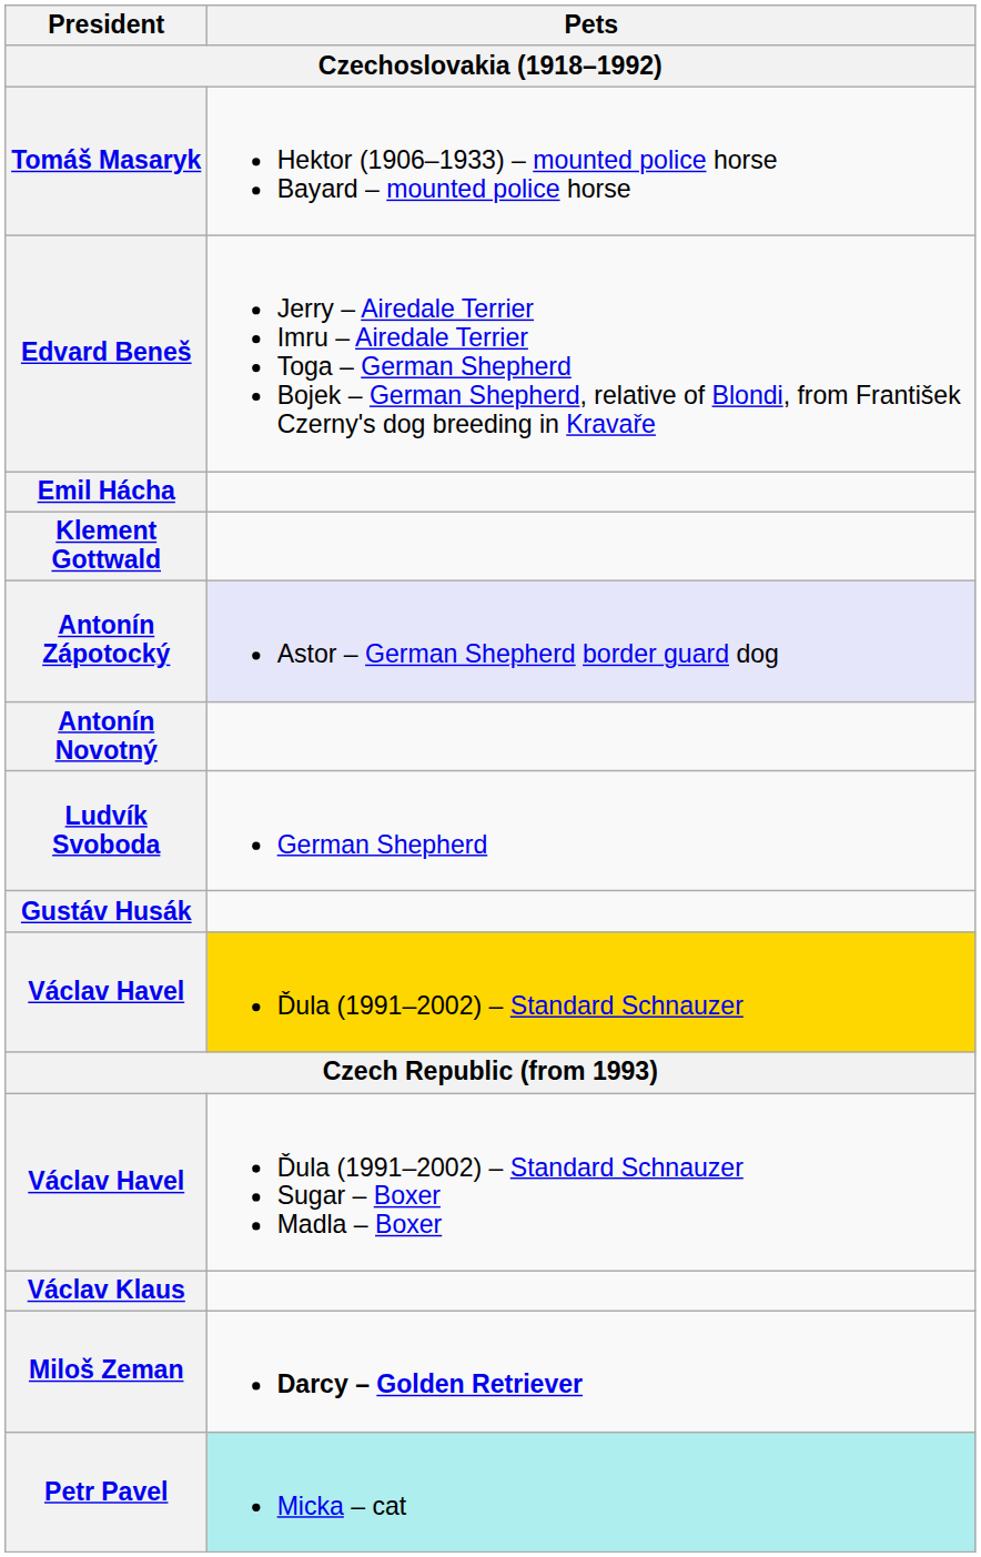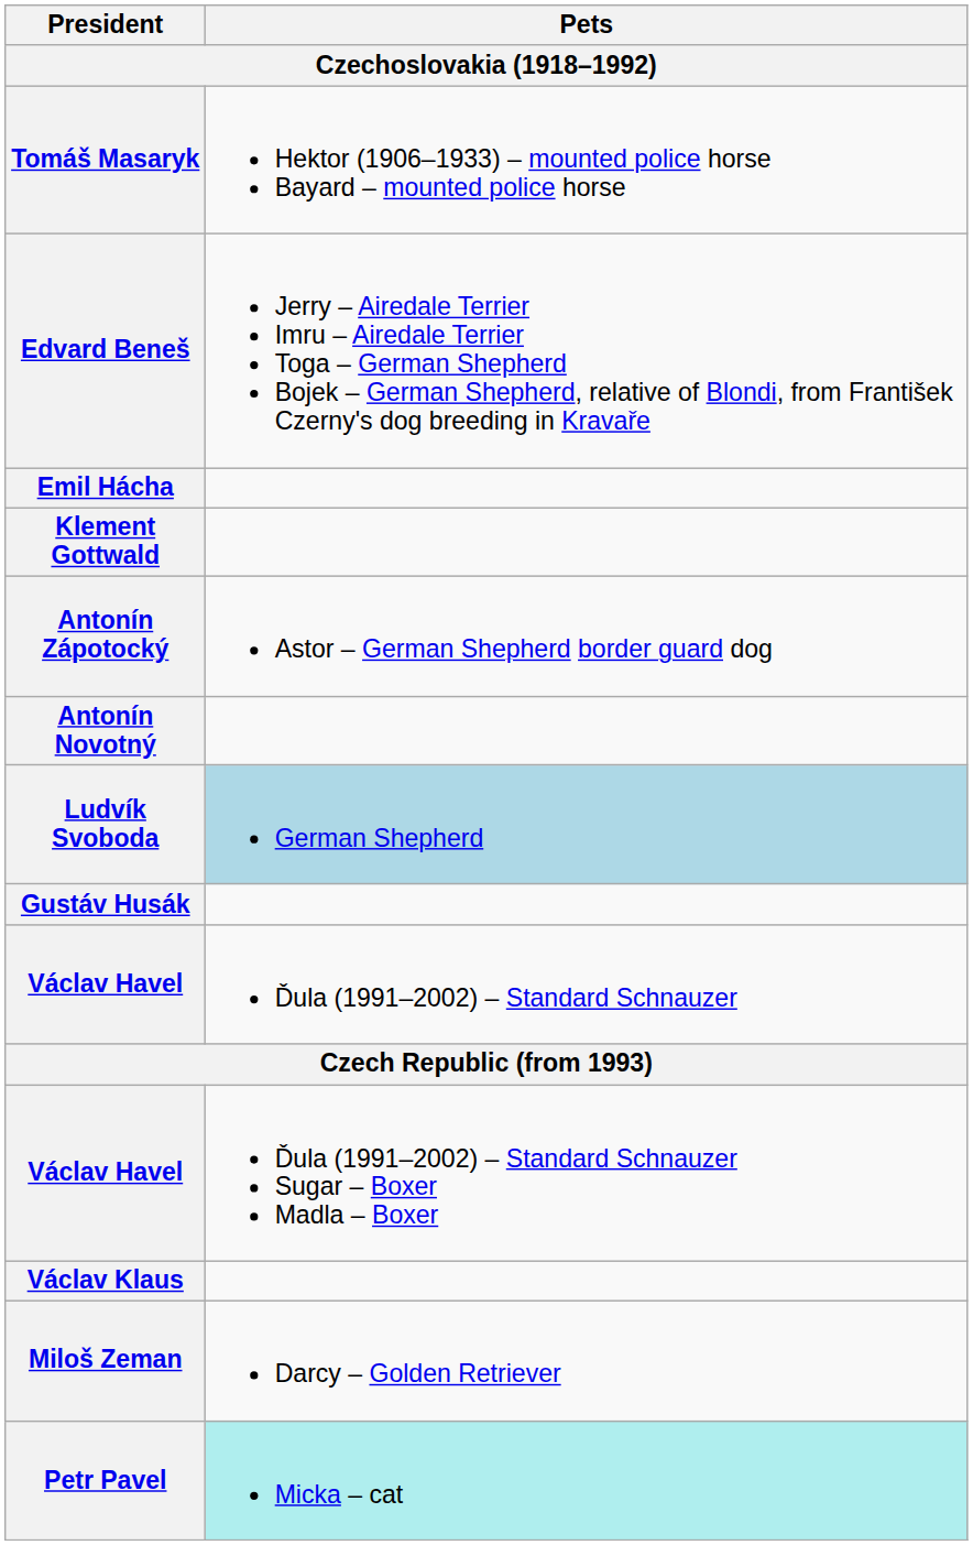 <table class="wikitable plainrowheaders">
 <tr>
 <th scope="col">President</th>
 <th scope="col">Pets</th>
 </tr>
 <tr>
 <th colspan="2">Czechoslovakia (1918–1992)</th>
 </tr>
 <tr>
 <th scope="row" ! scope="row"><a href='#'>Tomáš Masaryk</a></th>
 <td><br><ul><li>Hektor (1906–1933) – <a href='#'>mounted police</a> horse</li><li>Bayard – <a href='#'>mounted police</a> horse</li></ul></td>
 </tr>
 <tr>
 <th scope="row" ! scope="row"><a href='#'>Edvard Beneš</a></th>
 <td><br><ul><li>Jerry – <a href='#'>Airedale Terrier</a></li><li>Imru – <a href='#'>Airedale Terrier</a></li><li>Toga – <a href='#'>German Shepherd</a></li><li>Bojek – <a href='#'>German Shepherd</a>, relative of <a href='#'>Blondi</a>, from František Czerny's dog breeding in <a href='#'>Kravaře</a></li></ul></td>
 </tr>
 <tr>
 <th scope="row" ! scope="row"><a href='#'>Emil Hácha</a></th>
 <td></td>
 </tr>
 <tr>
 <th scope="row" ! scope="row"><a href='#'>Klement Gottwald</a></th>
 <td></td>
 </tr>
 <tr>
 <th scope="row" ! scope="row"><a href='#'>Antonín Zápotocký</a></th>
-<td style="background: lavender;"><br><ul><li>Astor – <a href='#'>German Shepherd</a> <a href='#'>border guard</a> dog</li></ul></td>
+<td><br><ul><li>Astor – <a href='#'>German Shepherd</a> <a href='#'>border guard</a> dog</li></ul></td>
 </tr>
 <tr>
 <th scope="row" ! scope="row"><a href='#'>Antonín Novotný</a></th>
 <td></td>
 </tr>
 <tr>
 <th scope="row" ! scope="row"><a href='#'>Ludvík Svoboda</a></th>
-<td><br><ul><li><a href='#'>German Shepherd</a></li></ul></td>
+<td style="background: lightblue;"><br><ul><li><a href='#'>German Shepherd</a></li></ul></td>
 </tr>
 <tr>
 <th scope="row" ! scope="row"><a href='#'>Gustáv Husák</a></th>
 <td></td>
 </tr>
 <tr>
 <th scope="row" ! scope="row"><a href='#'>Václav Havel</a></th>
-<td style="background: gold;"><br><ul><li>Ďula (1991–2002) – <a href='#'>Standard Schnauzer</a></li></ul></td>
+<td><br><ul><li>Ďula (1991–2002) – <a href='#'>Standard Schnauzer</a></li></ul></td>
 </tr>
 <tr>
 <th colspan="2">Czech Republic (from 1993)</th>
 </tr>
 <tr>
 <th scope="row" ! scope="row"><a href='#'>Václav Havel</a></th>
 <td><br><ul><li>Ďula (1991–2002) – <a href='#'>Standard Schnauzer</a></li><li>Sugar – <a href='#'>Boxer</a></li><li>Madla – <a href='#'>Boxer</a></li></ul></td>
 </tr>
 <tr>
 <th scope="row" ! scope="row"><a href='#'>Václav Klaus</a></th>
 <td></td>
 </tr>
 <tr>
 <th scope="row" ! scope="row"><a href='#'>Miloš Zeman</a></th>
-<td><strong><br><ul><li>Darcy – <a href='#'>Golden Retriever</a></li></ul></strong></td>
+<td><br><ul><li>Darcy – <a href='#'>Golden Retriever</a></li></ul></td>
 </tr>
 <tr>
 <th scope="row" ! scope="row"><a href='#'>Petr Pavel</a></th>
 <td style="background: paleturquoise;"><br><ul><li><a href='#'>Micka</a> – cat</li></ul></td>
 </tr>
 <tr>
 </tr>
 </table>
